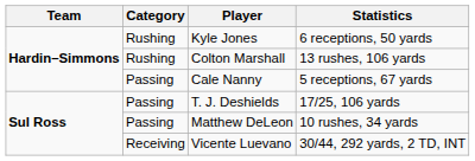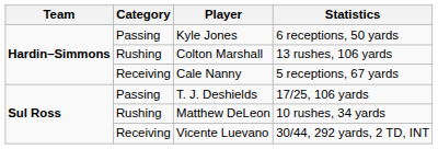 <table class="wikitable" style="float: right;">
 <tr>
 <th>Team</th>
 <th>Category</th>
 <th>Player</th>
 <th>Statistics</th>
 </tr>
 <tr>
 <td rowspan=3><strong>Hardin–Simmons</strong></td>
-<td>Rushing</td>
+<td>Passing</td>
 <td>Kyle Jones</td>
 <td>6 receptions, 50 yards</td>
 </tr>
 <tr>
 <td>Rushing</td>
 <td>Colton Marshall</td>
 <td>13 rushes, 106 yards</td>
 </tr>
 <tr>
-<td>Passing</td>
+<td>Receiving</td>
 <td>Cale Nanny</td>
 <td>5 receptions, 67 yards</td>
 </tr>
 <tr>
 <td rowspan=3><strong>Sul Ross</strong></td>
 <td>Passing</td>
 <td>T. J. Deshields</td>
 <td>17/25, 106 yards</td>
 </tr>
 <tr>
-<td>Passing</td>
+<td>Rushing</td>
 <td>Matthew DeLeon</td>
 <td>10 rushes, 34 yards</td>
 </tr>
 <tr>
 <td>Receiving</td>
 <td>Vicente Luevano</td>
 <td>30/44, 292 yards, 2 TD, INT</td>
 </tr>
 </table>
